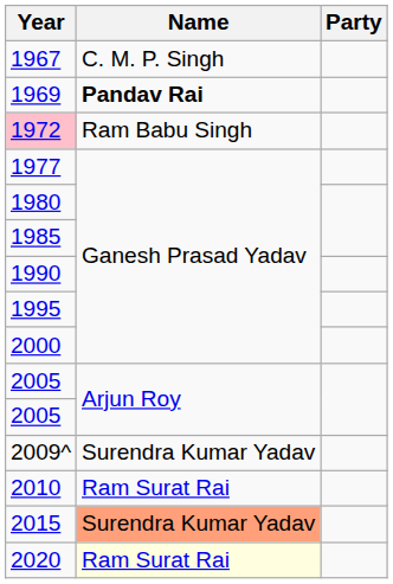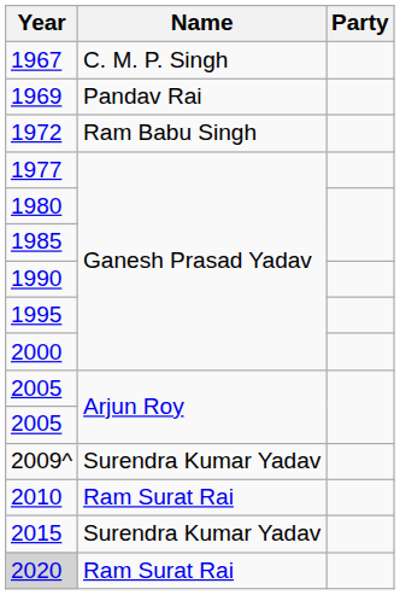 <table class="wikitable">
 <tr>
 <th>Year</th>
 <th>Name</th>
 <th colspan="2">Party</th>
 </tr>
 <tr>
 <td><a href='#'>1967</a></td>
 <td>C. M. P. Singh</td>
 <td></td>
 </tr>
 <tr>
 <td><a href='#'>1969</a></td>
-<td><strong>Pandav Rai</strong></td>
+<td>Pandav Rai</td>
 <td></td>
 </tr>
 <tr>
-<td style="background: pink;"><a href='#'>1972</a></td>
+<td><a href='#'>1972</a></td>
 <td>Ram Babu Singh</td>
 <td></td>
 </tr>
 <tr>
 <td><a href='#'>1977</a></td>
 <td rowspan="6">Ganesh Prasad Yadav</td>
 <td></td>
 </tr>
 <tr>
 <td><a href='#'>1980</a></td>
 </tr>
 <tr>
 <td><a href='#'>1985</a></td>
 </tr>
 <tr>
 <td><a href='#'>1990</a></td>
 <td></td>
 </tr>
 <tr>
 <td><a href='#'>1995</a></td>
 </tr>
 <tr>
 <td><a href='#'>2000</a></td>
 <td></td>
 </tr>
 <tr>
 <td><a href='#'>2005</a></td>
 <td rowspan="2"><a href='#'>Arjun Roy</a></td>
 </tr>
 <tr>
 <td><a href='#'>2005</a></td>
 </tr>
 <tr>
 <td>2009^</td>
 <td>Surendra Kumar Yadav</td>
 <td></td>
 </tr>
 <tr>
 <td><a href='#'>2010</a></td>
 <td><a href='#'>Ram Surat Rai</a></td>
 <td></td>
 </tr>
 <tr>
 <td><a href='#'>2015</a></td>
-<td style="background: lightsalmon;">Surendra Kumar Yadav</td>
+<td>Surendra Kumar Yadav</td>
 <td></td>
 </tr>
 <tr>
-<td><a href='#'>2020</a></td>
-<td style="background: lightyellow;"><a href='#'>Ram Surat Rai</a></td>
+<td style="background: lightgrey;"><a href='#'>2020</a></td>
+<td><a href='#'>Ram Surat Rai</a></td>
 <td></td>
 </tr>
 </table>
